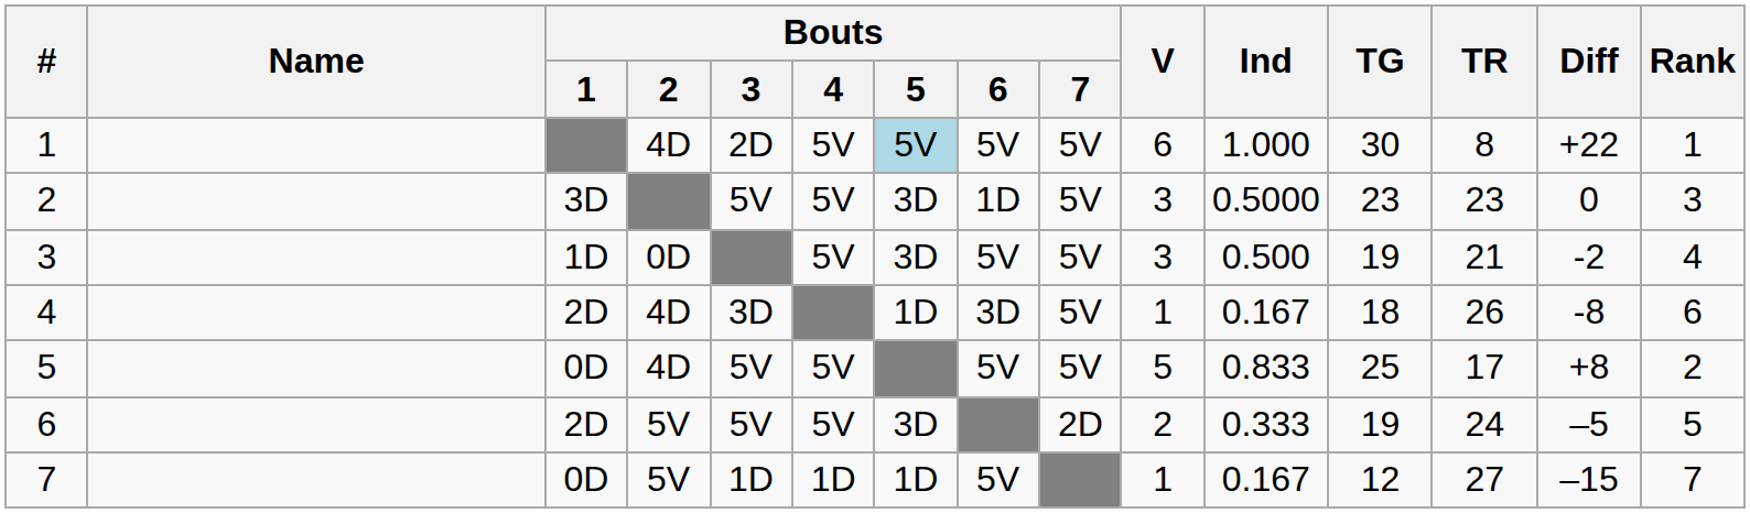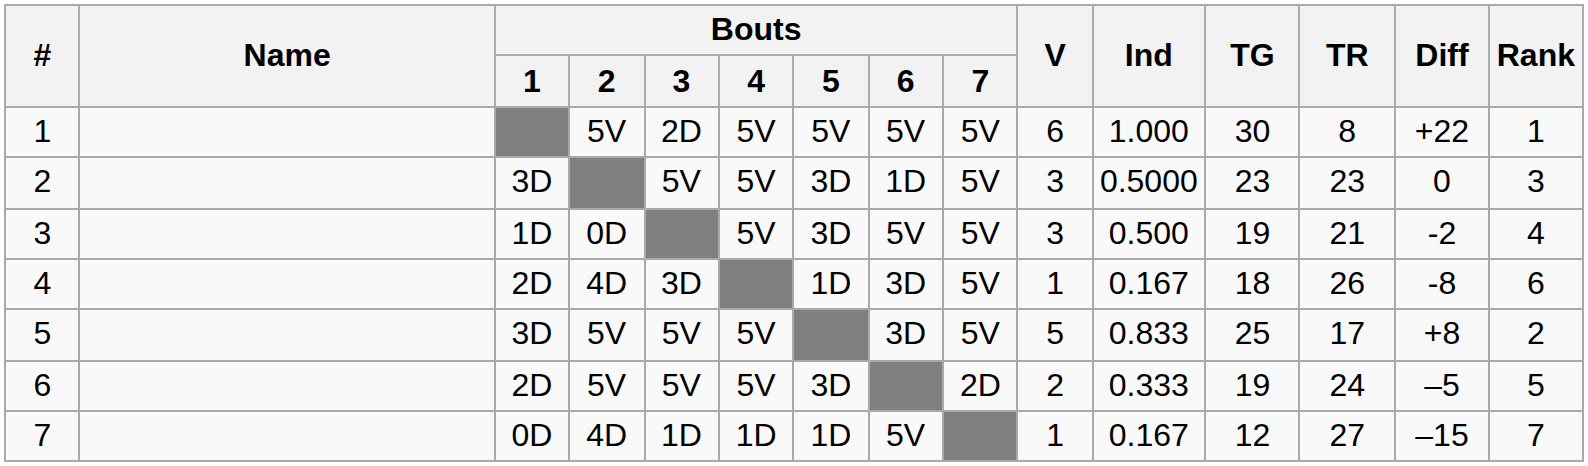 <table class="wikitable" style="text-align:center;">
 <tr>
 <th rowspan=2 width=30>#</th>
 <th rowspan=2 width=200>Name</th>
 <th colspan=7>Bouts</th>
 <th rowspan=2 width=30>V</th>
 <th rowspan=2 width=40>Ind</th>
 <th rowspan=2 width=40>TG</th>
 <th rowspan=2 width=40>TR</th>
 <th rowspan=2 width=40>Diff</th>
 <th rowspan=2 width=30>Rank</th>
 </tr>
 <tr>
 <th width=30>1</th>
 <th width=30>2</th>
 <th width=30>3</th>
 <th width=30>4</th>
 <th width=30>5</th>
 <th width=30>6</th>
 <th width=30>7</th>
 </tr>
 <tr>
 <td>1</td>
 <td align=left></td>
 <td bgcolor=grey></td>
-<td>4D</td>
+<td>5V</td>
 <td>2D</td>
 <td>5V</td>
-<td style="background: lightblue;">5V</td>
+<td>5V</td>
 <td>5V</td>
 <td>5V</td>
 <td>6</td>
 <td>1.000</td>
 <td>30</td>
 <td>8</td>
 <td>+22</td>
 <td>1</td>
 </tr>
 <tr>
 <td>2</td>
 <td align=left></td>
 <td>3D</td>
 <td bgcolor=grey></td>
 <td>5V</td>
 <td>5V</td>
 <td>3D</td>
 <td>1D</td>
 <td>5V</td>
 <td>3</td>
 <td>0.5000</td>
 <td>23</td>
 <td>23</td>
 <td>0</td>
 <td>3</td>
 </tr>
 <tr>
 <td>3</td>
 <td align=left></td>
 <td>1D</td>
 <td>0D</td>
 <td bgcolor=grey></td>
 <td>5V</td>
 <td>3D</td>
 <td>5V</td>
 <td>5V</td>
 <td>3</td>
 <td>0.500</td>
 <td>19</td>
 <td>21</td>
 <td>-2</td>
 <td>4</td>
 </tr>
 <tr>
 <td>4</td>
 <td align=left></td>
 <td>2D</td>
 <td>4D</td>
 <td>3D</td>
 <td bgcolor=grey></td>
 <td>1D</td>
 <td>3D</td>
 <td>5V</td>
 <td>1</td>
 <td>0.167</td>
 <td>18</td>
 <td>26</td>
 <td>-8</td>
 <td>6</td>
 </tr>
 <tr>
 <td>5</td>
 <td align=left></td>
-<td>0D</td>
-<td>4D</td>
+<td>3D</td>
+<td>5V</td>
 <td>5V</td>
 <td>5V</td>
 <td bgcolor=grey></td>
-<td>5V</td>
+<td>3D</td>
 <td>5V</td>
 <td>5</td>
 <td>0.833</td>
 <td>25</td>
 <td>17</td>
 <td>+8</td>
 <td>2</td>
 </tr>
 <tr>
 <td>6</td>
 <td align=left></td>
 <td>2D</td>
 <td>5V</td>
 <td>5V</td>
 <td>5V</td>
 <td>3D</td>
 <td bgcolor=grey></td>
 <td>2D</td>
 <td>2</td>
 <td>0.333</td>
 <td>19</td>
 <td>24</td>
 <td>–5</td>
 <td>5</td>
 </tr>
 <tr>
 <td>7</td>
 <td align=left></td>
 <td>0D</td>
-<td>5V</td>
+<td>4D</td>
 <td>1D</td>
 <td>1D</td>
 <td>1D</td>
 <td>5V</td>
 <td bgcolor=grey></td>
 <td>1</td>
 <td>0.167</td>
 <td>12</td>
 <td>27</td>
 <td>–15</td>
 <td>7</td>
 </tr>
 <tr>
 </tr>
 </table>
